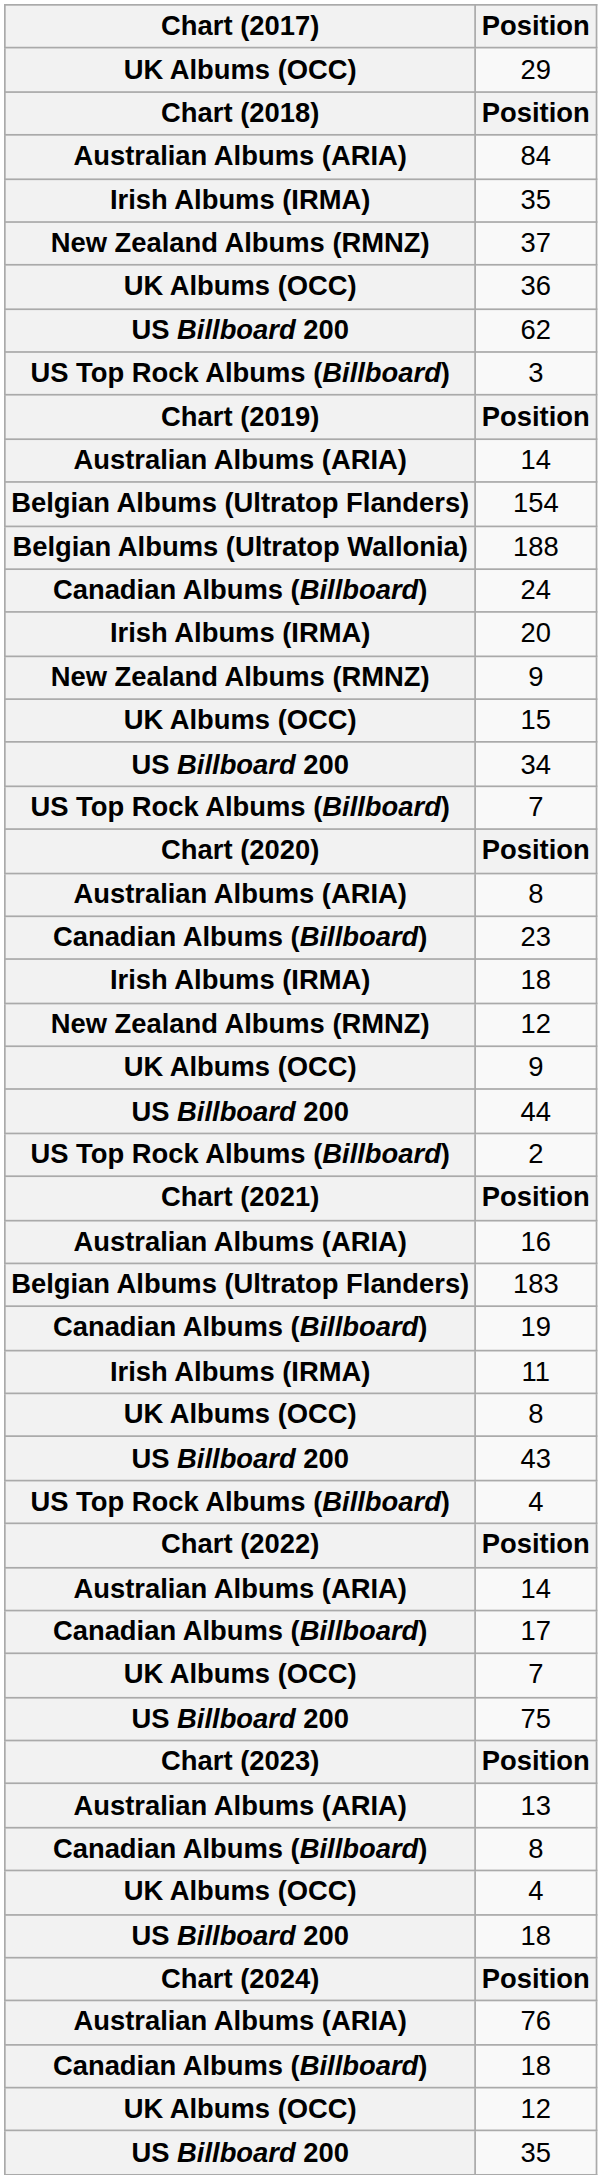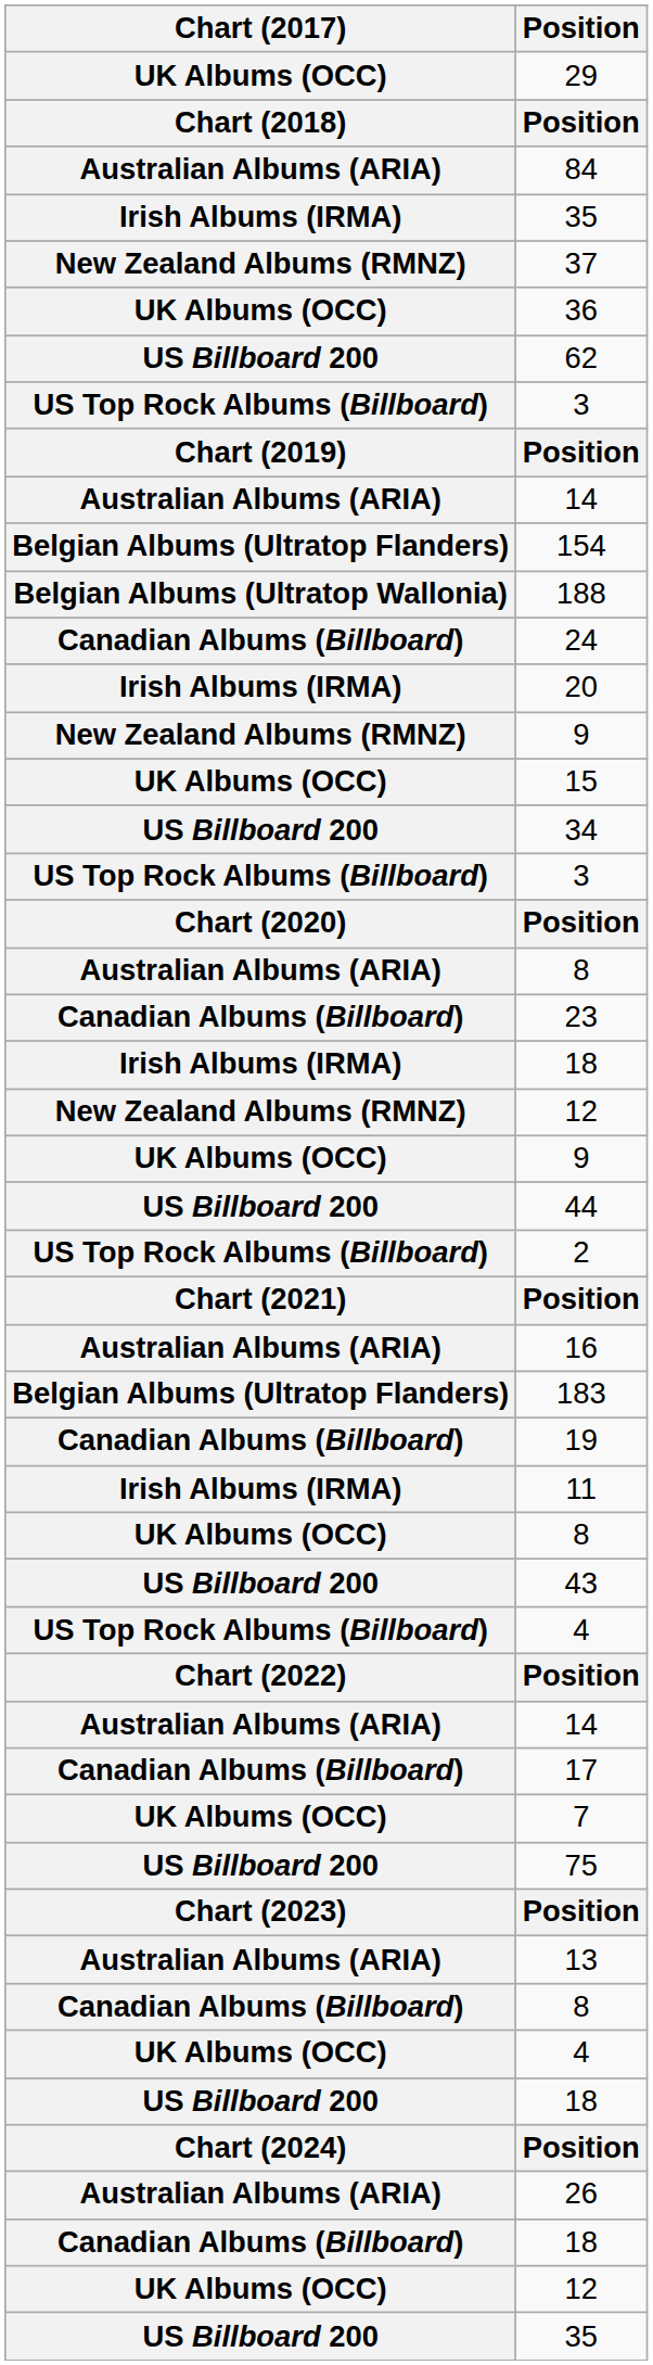 <table class="wikitable plainrowheaders" style="text-align:center">
 <tr>
 <th scope="col">Chart (2017)</th>
 <th scope="col">Position</th>
 </tr>
 <tr>
 <th scope="row">UK Albums (OCC)</th>
 <td>29</td>
 </tr>
 <tr>
 <th scope="col">Chart (2018)</th>
 <th scope="col">Position</th>
 </tr>
 <tr>
 <th scope="row">Australian Albums (ARIA)</th>
 <td>84</td>
 </tr>
 <tr>
 <th scope="row">Irish Albums (IRMA)</th>
 <td>35</td>
 </tr>
 <tr>
 <th scope="row">New Zealand Albums (RMNZ)</th>
 <td>37</td>
 </tr>
 <tr>
 <th scope="row">UK Albums (OCC)</th>
 <td>36</td>
 </tr>
 <tr>
 <th scope="row">US <em>Billboard</em> 200</th>
 <td>62</td>
 </tr>
 <tr>
 <th scope="row">US Top Rock Albums (<em>Billboard</em>)</th>
 <td>3</td>
 </tr>
 <tr>
 <th scope="col">Chart (2019)</th>
 <th scope="col">Position</th>
 </tr>
 <tr>
 <th scope="row">Australian Albums (ARIA)</th>
 <td>14</td>
 </tr>
 <tr>
 <th scope="row">Belgian Albums (Ultratop Flanders)</th>
 <td>154</td>
 </tr>
 <tr>
 <th scope="row">Belgian Albums (Ultratop Wallonia)</th>
 <td>188</td>
 </tr>
 <tr>
 <th scope="row">Canadian Albums (<em>Billboard</em>)</th>
 <td>24</td>
 </tr>
 <tr>
 <th scope="row">Irish Albums (IRMA)</th>
 <td>20</td>
 </tr>
 <tr>
 <th scope="row">New Zealand Albums (RMNZ)</th>
 <td>9</td>
 </tr>
 <tr>
 <th scope="row">UK Albums (OCC)</th>
 <td>15</td>
 </tr>
 <tr>
 <th scope="row">US <em>Billboard</em> 200</th>
 <td>34</td>
 </tr>
 <tr>
 <th scope="row">US Top Rock Albums (<em>Billboard</em>)</th>
-<td>7</td>
+<td>3</td>
 </tr>
 <tr>
 <th scope="col">Chart (2020)</th>
 <th scope="col">Position</th>
 </tr>
 <tr>
 <th scope="row">Australian Albums (ARIA)</th>
 <td>8</td>
 </tr>
 <tr>
 <th scope="row">Canadian Albums (<em>Billboard</em>)</th>
 <td>23</td>
 </tr>
 <tr>
 <th scope="row">Irish Albums (IRMA)</th>
 <td>18</td>
 </tr>
 <tr>
 <th scope="row">New Zealand Albums (RMNZ)</th>
 <td>12</td>
 </tr>
 <tr>
 <th scope="row">UK Albums (OCC)</th>
 <td>9</td>
 </tr>
 <tr>
 <th scope="row">US <em>Billboard</em> 200</th>
 <td>44</td>
 </tr>
 <tr>
 <th scope="row">US Top Rock Albums (<em>Billboard</em>)</th>
 <td>2</td>
 </tr>
 <tr>
 <th scope="col">Chart (2021)</th>
 <th scope="col">Position</th>
 </tr>
 <tr>
 <th scope="row">Australian Albums (ARIA)</th>
 <td>16</td>
 </tr>
 <tr>
 <th scope="row">Belgian Albums (Ultratop Flanders)</th>
 <td>183</td>
 </tr>
 <tr>
 <th scope="row">Canadian Albums (<em>Billboard</em>)</th>
 <td>19</td>
 </tr>
 <tr>
 <th scope="row">Irish Albums (IRMA)</th>
 <td>11</td>
 </tr>
 <tr>
 <th scope="row">UK Albums (OCC)</th>
 <td>8</td>
 </tr>
 <tr>
 <th scope="row">US <em>Billboard</em> 200</th>
 <td>43</td>
 </tr>
 <tr>
 <th scope="row">US Top Rock Albums (<em>Billboard</em>)</th>
 <td>4</td>
 </tr>
 <tr>
 <th scope="col">Chart (2022)</th>
 <th scope="col">Position</th>
 </tr>
 <tr>
 <th scope="row">Australian Albums (ARIA)</th>
 <td>14</td>
 </tr>
 <tr>
 <th scope="row">Canadian Albums (<em>Billboard</em>)</th>
 <td>17</td>
 </tr>
 <tr>
 <th scope="row">UK Albums (OCC)</th>
 <td>7</td>
 </tr>
 <tr>
 <th scope="row">US <em>Billboard</em> 200</th>
 <td>75</td>
 </tr>
 <tr>
 <th scope="col">Chart (2023)</th>
 <th scope="col">Position</th>
 </tr>
 <tr>
 <th scope="row">Australian Albums (ARIA)</th>
 <td>13</td>
 </tr>
 <tr>
 <th scope="row">Canadian Albums (<em>Billboard</em>)</th>
 <td>8</td>
 </tr>
 <tr>
 <th scope="row">UK Albums (OCC)</th>
 <td>4</td>
 </tr>
 <tr>
 <th scope="row">US <em>Billboard</em> 200</th>
 <td>18</td>
 </tr>
 <tr>
 <th scope="col">Chart (2024)</th>
 <th scope="col">Position</th>
 </tr>
 <tr>
 <th scope="row">Australian Albums (ARIA)</th>
-<td>76</td>
+<td>26</td>
 </tr>
 <tr>
 <th scope="row">Canadian Albums (<em>Billboard</em>)</th>
 <td>18</td>
 </tr>
 <tr>
 <th scope="row">UK Albums (OCC)</th>
 <td>12</td>
 </tr>
 <tr>
 <th scope="row">US <em>Billboard</em> 200</th>
 <td>35</td>
 </tr>
 </table>
